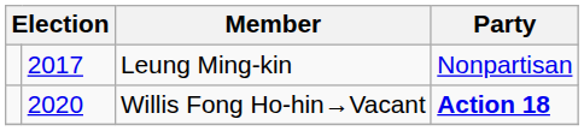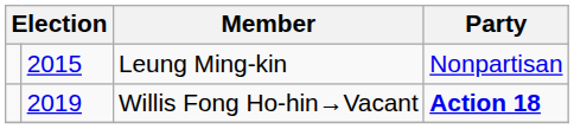 <table class="wikitable">
 <tr>
 <th colspan="2">Election</th>
 <th>Member</th>
 <th>Party</th>
 </tr>
 <tr>
 <td style="background-color: "></td>
-<td><a href='#'>2017</a></td>
+<td><a href='#'>2015</a></td>
 <td>Leung Ming-kin</td>
 <td><a href='#'>Nonpartisan</a></td>
 </tr>
 <tr>
 <td style="background-color: "></td>
-<td><a href='#'>2020</a></td>
+<td><a href='#'>2019</a></td>
 <td>Willis Fong Ho-hin→Vacant</td>
 <td><strong><a href='#'>Action 18</a></strong></td>
 </tr>
 <tr>
 </tr>
 </table>
